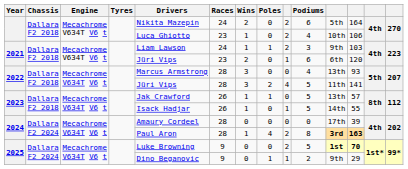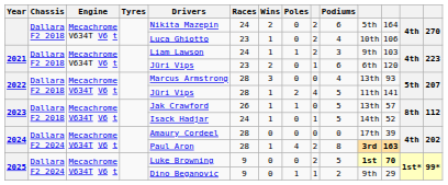 <table class="wikitable" style="text-align:center; font-size:85%">
 <tr>
 <th>Year</th>
 <th>Chassis</th>
 <th>Engine</th>
 <th>Tyres</th>
 <th>Drivers</th>
 <th>Races</th>
 <th>Wins</th>
 <th>Poles</th>
 <th></th>
 <th>Podiums</th>
 <th></th>
 <th></th>
 <th></th>
 <th></th>
 </tr>
 <tr>
 <th rowspan="2"></th>
 <td rowspan=2><a href='#'>Dallara</a><br><a href='#'>F2 2018</a></td>
 <td rowspan=2><a href='#'>Mecachrome</a><br>V634T <a href='#'>V6</a> <a href='#'>t</a></td>
 <td rowspan=2></td>
 <td align=left> <a href='#'>Nikita Mazepin</a></td>
 <td>24</td>
 <td>2</td>
 <td>0</td>
 <td>2</td>
 <td>6</td>
 <td>5th</td>
 <td>164</td>
 <th rowspan="2">4th</th>
 <th rowspan="2">270</th>
 </tr>
 <tr>
 <td align=left> <a href='#'>Luca Ghiotto</a></td>
 <td>23</td>
 <td>1</td>
 <td>0</td>
 <td>2</td>
 <td>4</td>
 <td>10th</td>
 <td>106</td>
 </tr>
 <tr>
 <th rowspan="2"><a href='#'>2021</a></th>
 <td rowspan=2><a href='#'>Dallara</a><br><a href='#'>F2 2018</a></td>
 <td rowspan=2><a href='#'>Mecachrome</a><br>V634T <a href='#'>V6</a> <a href='#'>t</a></td>
 <td rowspan=2></td>
 <td align=left> <a href='#'>Liam Lawson</a></td>
 <td>24</td>
 <td>1</td>
 <td>1</td>
 <td>2</td>
 <td>3</td>
 <td>9th</td>
 <td>103</td>
 <th rowspan="2">4th</th>
 <th rowspan="2">223</th>
 </tr>
 <tr>
 <td align=left> <a href='#'>Jüri Vips</a></td>
 <td>23</td>
 <td>2</td>
 <td>0</td>
 <td>1</td>
 <td>6</td>
 <td>6th</td>
 <td>120</td>
 </tr>
 <tr>
 <th rowspan="2"><a href='#'>2022</a></th>
 <td rowspan=2><a href='#'>Dallara</a><br><a href='#'>F2 2018</a></td>
 <td rowspan=2><a href='#'>Mecachrome</a><br><a href='#'>V634T</a> <a href='#'>V6</a> <a href='#'>t</a></td>
 <td rowspan=2></td>
 <td align=left> <a href='#'>Marcus Armstrong</a></td>
 <td>28</td>
 <td>3</td>
 <td>0</td>
 <td>0</td>
 <td>4</td>
 <td style="background:;">13th</td>
 <td style="background:;">93</td>
 <th rowspan="2" style="background:#;">5th</th>
 <th rowspan="2" style="background:#;">207</th>
 </tr>
 <tr>
 <td align=left> <a href='#'>Jüri Vips</a></td>
 <td>28</td>
-<td>3</td>
+<td>1</td>
 <td>2</td>
 <td>4</td>
 <td>5</td>
 <td style="background:#;">11th</td>
 <td style="background:#;">141</td>
 </tr>
 <tr>
 <th rowspan="2"><a href='#'>2023</a></th>
 <td rowspan=2><a href='#'>Dallara</a><br><a href='#'>F2 2018</a></td>
 <td rowspan=2><a href='#'>Mecachrome</a><br><a href='#'>V634T</a> <a href='#'>V6</a> <a href='#'>t</a></td>
 <td rowspan=2></td>
 <td align=left> <a href='#'>Jak Crawford</a></td>
 <td>26</td>
 <td>1</td>
 <td>1</td>
 <td>0</td>
 <td>5</td>
 <td>13th</td>
 <td>57</td>
 <th rowspan="2" style="background:#;">8th</th>
 <th rowspan="2" style="background:#;">112</th>
 </tr>
 <tr>
 <td align=left> <a href='#'>Isack Hadjar</a></td>
-<td>26</td>
+<td>24</td>
 <td>1</td>
 <td>0</td>
 <td>1</td>
 <td>5</td>
 <td>14th</td>
-<td>55</td>
+<td>52</td>
 </tr>
 <tr>
 <th rowspan="2"><a href='#'>2024</a></th>
 <td rowspan=2><a href='#'>Dallara</a><br><a href='#'>F2 2024</a></td>
 <td rowspan=2><a href='#'>Mecachrome</a><br><a href='#'>V634T</a> <a href='#'>V6</a> <a href='#'>t</a></td>
 <td rowspan=2></td>
 <td align=left> <a href='#'>Amaury Cordeel</a></td>
 <td>28</td>
 <td>0</td>
 <td>0</td>
 <td>0</td>
 <td>0</td>
 <td style="background:#;">17th</td>
 <td style="background:#;">39</td>
 <th rowspan="2" style="background:#;">4th</th>
 <th rowspan="2" style="background:#;">202</th>
 </tr>
 <tr>
 <td align=left> <a href='#'>Paul Aron</a></td>
 <td>28</td>
 <td>1</td>
 <td>4</td>
 <td>2</td>
 <td>8</td>
 <td style="background:#FFDF9F;"><strong>3rd</strong></td>
 <td style="background:#FFDF9F;"><strong>163</strong></td>
 </tr>
 <tr>
 <th rowspan="2"><a href='#'>2025</a></th>
 <td rowspan=2><a href='#'>Dallara</a><br><a href='#'>F2 2024</a></td>
 <td rowspan=2><a href='#'>Mecachrome</a><br><a href='#'>V634T</a> <a href='#'>V6</a> <a href='#'>t</a></td>
 <td rowspan=2></td>
 <td align=left> <a href='#'>Luke Browning</a></td>
 <td>9</td>
 <td>0</td>
 <td>0</td>
 <td>2</td>
 <td>5</td>
 <td style="background:#FFFFBF;"><strong>1st</strong></td>
 <td style="background:#FFFFBF;"><strong>70</strong></td>
 <th rowspan="2" style="background:#FFFFBF;">1st*</th>
 <th rowspan="2" style="background:#FFFFBF;">99*</th>
 </tr>
 <tr>
 <td align=left> <a href='#'>Dino Beganovic</a></td>
 <td>9</td>
 <td>0</td>
 <td>1</td>
 <td>1</td>
 <td>2</td>
 <td style="background:#;">9th</td>
 <td style="background:#;">29</td>
 </tr>
 </table>
